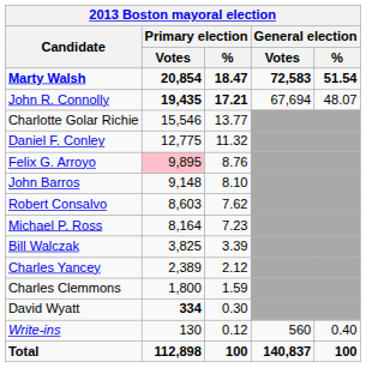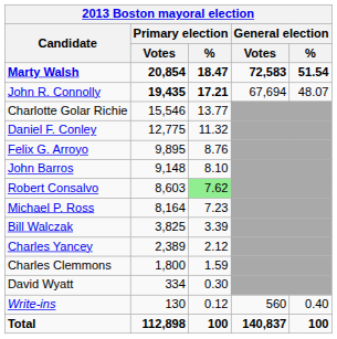 <table class=wikitable>
 <tr>
 <th colspan=5><a href='#'>2013 Boston mayoral election</a></th>
 </tr>
 <tr>
 <th colspan=1 rowspan=2>Candidate</th>
 <th colspan=2><strong>Primary election</strong></th>
 <th colspan=2><strong>General election</strong></th>
 </tr>
 <tr>
 <th>Votes</th>
 <th>%</th>
 <th>Votes</th>
 <th>%</th>
 </tr>
 <tr>
 <td><strong><a href='#'>Marty Walsh</a></strong></td>
 <td align="right"><strong>20,854</strong></td>
 <td align="right"><strong>18.47</strong></td>
 <td align="right"><strong>72,583</strong></td>
 <td align="right"><strong>51.54</strong></td>
 </tr>
 <tr>
 <td><a href='#'>John R. Connolly</a></td>
 <td align="right"><strong>19,435</strong></td>
 <td align="right"><strong>17.21</strong></td>
 <td align="right">67,694</td>
 <td align="right">48.07</td>
 </tr>
 <tr>
 <td>Charlotte Golar Richie</td>
 <td align="right">15,546</td>
 <td align="right">13.77</td>
 <td colspan=2 bgcolor=darkgray> </td>
 </tr>
 <tr>
 <td><a href='#'>Daniel F. Conley</a></td>
 <td align="right">12,775</td>
 <td align="right">11.32</td>
 <td colspan=2 bgcolor=darkgray> </td>
 </tr>
 <tr>
 <td><a href='#'>Felix G. Arroyo</a></td>
-<td align="right" style="background: pink;">9,895</td>
+<td align="right">9,895</td>
 <td align="right">8.76</td>
 <td colspan=2 bgcolor=darkgray> </td>
 </tr>
 <tr>
 <td><a href='#'>John Barros</a></td>
 <td align="right">9,148</td>
 <td align="right">8.10</td>
 <td colspan=2 bgcolor=darkgray> </td>
 </tr>
 <tr>
 <td><a href='#'>Robert Consalvo</a></td>
 <td align="right">8,603</td>
-<td align="right">7.62</td>
+<td align="right" style="background: lightgreen;">7.62</td>
 <td colspan=2 bgcolor=darkgray> </td>
 </tr>
 <tr>
 <td><a href='#'>Michael P. Ross</a></td>
 <td align="right">8,164</td>
 <td align="right">7.23</td>
 <td colspan=2 bgcolor=darkgray> </td>
 </tr>
 <tr>
 <td><a href='#'>Bill Walczak</a></td>
 <td align="right">3,825</td>
 <td align="right">3.39</td>
 <td colspan=2 bgcolor=darkgray> </td>
 </tr>
 <tr>
 <td><a href='#'>Charles Yancey</a></td>
 <td align="right">2,389</td>
 <td align="right">2.12</td>
 <td colspan=2 bgcolor=darkgray> </td>
 </tr>
 <tr>
 <td>Charles Clemmons</td>
 <td align="right">1,800</td>
 <td align="right">1.59</td>
 <td colspan=2 bgcolor=darkgray> </td>
 </tr>
 <tr>
 <td>David Wyatt</td>
-<td align="right"><strong>334</strong></td>
+<td align="right">334</td>
 <td align="right">0.30</td>
 <td colspan=2 bgcolor=darkgray> </td>
 </tr>
 <tr>
 <td><em><a href='#'>Write-ins</a></em></td>
 <td align="right">130</td>
 <td align="right">0.12</td>
 <td align="right">560</td>
 <td align="right">0.40</td>
 </tr>
 <tr>
 <td><strong>Total</strong></td>
 <td align="right"><strong>112,898</strong></td>
 <td align="right"><strong>100</strong></td>
 <td align="right"><strong>140,837</strong></td>
 <td align="right"><strong>100</strong></td>
 </tr>
 </table>
